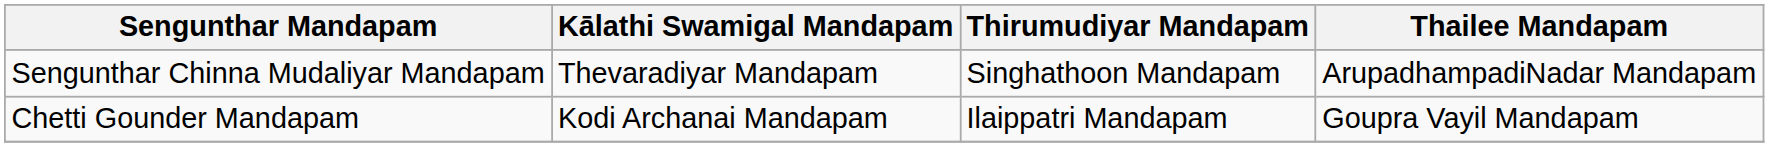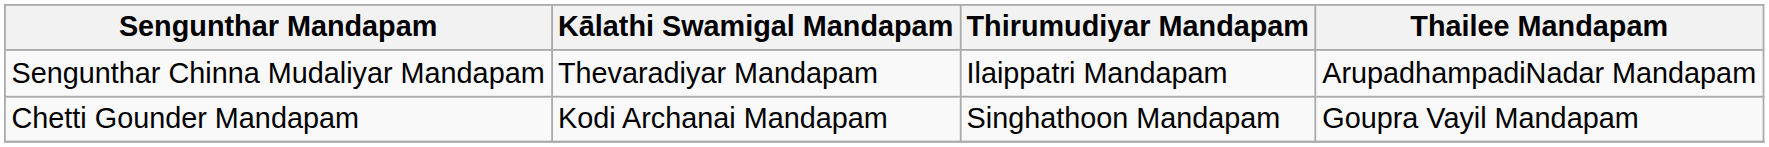 <table class="wikitable">
 <tr>
 <th>Sengunthar Mandapam</th>
 <th>Kālathi Swamigal Mandapam</th>
 <th>Thirumudiyar Mandapam</th>
 <th>Thailee Mandapam</th>
 </tr>
 <tr>
 <td>Sengunthar Chinna Mudaliyar Mandapam</td>
 <td>Thevaradiyar Mandapam</td>
-<td>Singhathoon Mandapam</td>
+<td>Ilaippatri Mandapam</td>
 <td>ArupadhampadiNadar Mandapam</td>
 </tr>
 <tr>
 <td>Chetti Gounder Mandapam</td>
 <td>Kodi Archanai Mandapam</td>
-<td>Ilaippatri Mandapam</td>
+<td>Singhathoon Mandapam</td>
 <td>Goupra Vayil Mandapam</td>
 </tr>
 <tr>
 </tr>
 </table>
